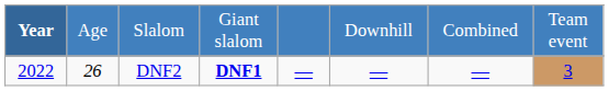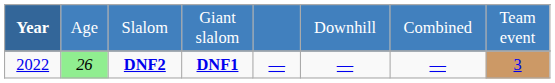 <table class="wikitable" style="font-size:95%; text-align:center; border:grey solid 1px; border-collapse:collapse;" width="40%">
 <tr style="background-color:#369; color:white;">
 <td rowspan="2" colspan="1" width="4%"><strong>Year</strong></td>
 </tr>
 <tr style="background-color:#4180be; color:white;">
 <td width="3%">Age</td>
 <td width="5%">Slalom</td>
 <td width="5%">Giant<br>slalom</td>
 <td width="5%"></td>
 <td width="5%">Downhill</td>
 <td width="5%">Combined</td>
 <td width="5%">Team event</td>
 </tr>
 <tr style="background-color:#8CB2D8; color:white;">
 </tr>
 <tr>
 <td><a href='#'>2022</a></td>
-<td><em>26</em></td>
-<td><a href='#'>DNF2</a></td>
+<td style="background: lightgreen;"><em>26</em></td>
+<td><strong><a href='#'>DNF2</a></strong></td>
 <td><strong><a href='#'>DNF1</a></strong></td>
 <td><a href='#'>—</a></td>
 <td><a href='#'>—</a></td>
 <td><a href='#'>—</a></td>
 <td bgcolor="#c96"><a href='#'>3</a></td>
 </tr>
 </table>
